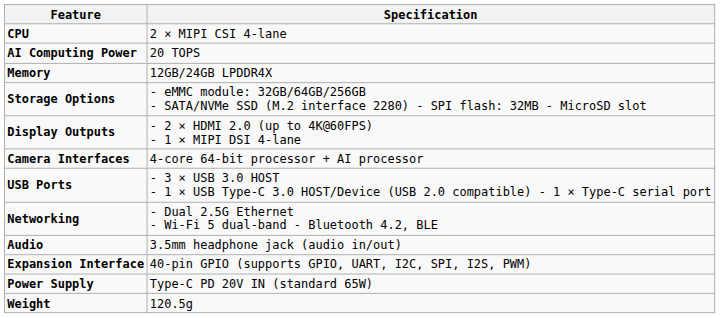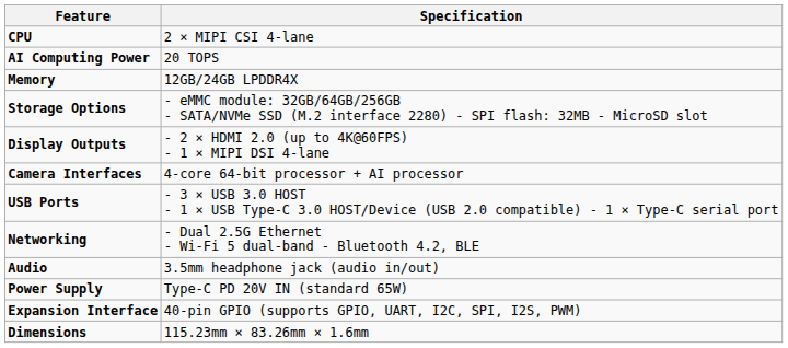 <table class="wikitable">
 <tr>
 <th>Feature</th>
 <th>Specification</th>
 </tr>
 <tr>
 <td><strong>CPU</strong></td>
 <td>2 × MIPI CSI 4-lane</td>
 </tr>
 <tr>
 <td><strong>AI Computing Power</strong></td>
 <td>20 TOPS</td>
 </tr>
 <tr>
 <td><strong>Memory</strong></td>
 <td>12GB/24GB LPDDR4X</td>
 </tr>
 <tr>
 <td><strong>Storage Options</strong></td>
 <td>- eMMC module: 32GB/64GB/256GB<br>- SATA/NVMe SSD (M.2 interface 2280) - SPI flash: 32MB - MicroSD slot</td>
 </tr>
 <tr>
 <td><strong>Display Outputs</strong></td>
 <td>- 2 × HDMI 2.0 (up to 4K@60FPS)<br>- 1 × MIPI DSI 4-lane</td>
 </tr>
 <tr>
 <td><strong>Camera Interfaces</strong></td>
 <td>4-core 64-bit processor + AI processor</td>
 </tr>
 <tr>
 <td><strong>USB Ports</strong></td>
 <td>- 3 × USB 3.0 HOST<br>- 1 × USB Type-C 3.0 HOST/Device (USB 2.0 compatible) - 1 × Type-C serial port</td>
 </tr>
 <tr>
 <td><strong>Networking</strong></td>
 <td>- Dual 2.5G Ethernet<br>- Wi-Fi 5 dual-band - Bluetooth 4.2, BLE</td>
 </tr>
 <tr>
 <td><strong>Audio</strong></td>
 <td>3.5mm headphone jack (audio in/out)</td>
 </tr>
 <tr>
+<td><strong>Power Supply</strong></td>
+<td>Type-C PD 20V IN (standard 65W)</td>
+</tr>
+<tr>
 <td><strong>Expansion Interface</strong></td>
 <td>40-pin GPIO (supports GPIO, UART, I2C, SPI, I2S, PWM)</td>
 </tr>
 <tr>
-<td><strong>Power Supply</strong></td>
-<td>Type-C PD 20V IN (standard 65W)</td>
-</tr>
-<tr>
-<td><strong>Weight</strong></td>
-<td>120.5g</td>
+<td><strong>Dimensions</strong></td>
+<td>115.23mm × 83.26mm × 1.6mm</td>
 </tr>
 </table>
